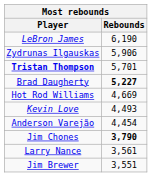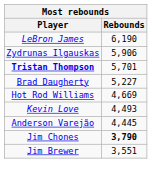 <table class="wikitable sortable" style="text-align:center">
 <tr>
 <th colspan="2" style="text-align:center; ">Most rebounds</th>
 </tr>
 <tr>
 <th style="text-align:center; ">Player</th>
 <th style="text-align:center; ">Rebounds</th>
 </tr>
 <tr>
 <td><em><a href='#'>LeBron James</a></em></td>
 <td>6,190</td>
 </tr>
 <tr>
 <td><a href='#'>Zydrunas Ilgauskas</a></td>
 <td>5,906</td>
 </tr>
 <tr>
 <td><strong><a href='#'>Tristan Thompson</a></strong></td>
 <td>5,701</td>
 </tr>
 <tr>
 <td><a href='#'>Brad Daugherty</a></td>
-<td><strong>5,227</strong></td>
+<td>5,227</td>
 </tr>
 <tr>
 <td><a href='#'>Hot Rod Williams</a></td>
 <td>4,669</td>
 </tr>
 <tr>
 <td><em><a href='#'>Kevin Love</a></em></td>
 <td>4,493</td>
 </tr>
 <tr>
 <td><a href='#'>Anderson Varejão</a></td>
-<td>4,454</td>
+<td>4,445</td>
 </tr>
 <tr>
 <td><a href='#'>Jim Chones</a></td>
 <td><strong>3,790</strong></td>
 </tr>
 <tr>
-<td><a href='#'>Larry Nance</a></td>
-<td>3,561</td>
-</tr>
-<tr>
 <td><a href='#'>Jim Brewer</a></td>
 <td>3,551</td>
 </tr>
 </table>
